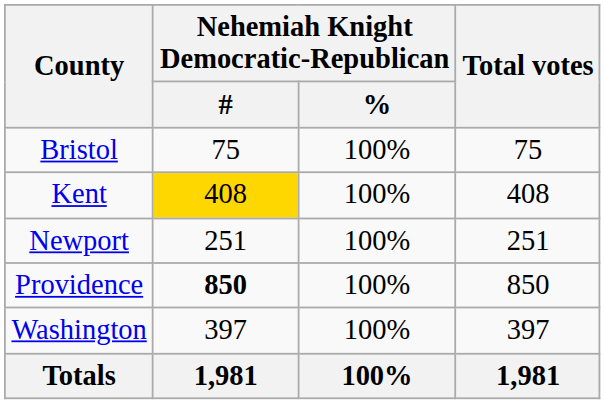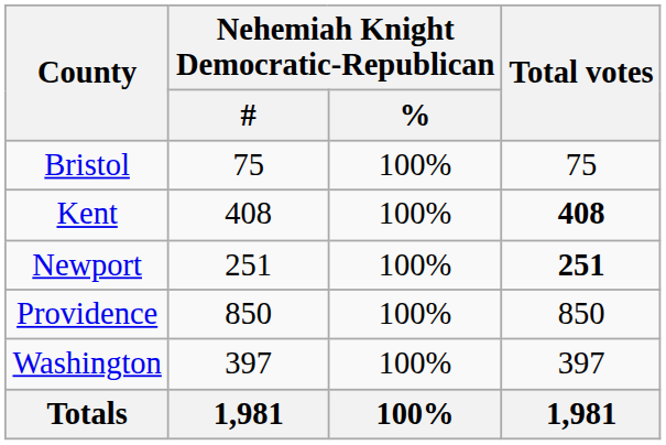 <table class="wikitable sortable">
 <tr>
 <th rowspan="2" scope="col">County</th>
 <th colspan="2" scope="col">Nehemiah Knight<br>Democratic-Republican</th>
 <th rowspan="2" scope="col">Total votes</th>
 </tr>
 <tr>
 <th>#</th>
 <th>%</th>
 </tr>
 <tr>
 <td align="center"><a href='#'>Bristol</a></td>
 <td align="center">75</td>
 <td align="center">100%</td>
 <td align="center">75</td>
 </tr>
 <tr>
 <td align="center"><a href='#'>Kent</a></td>
-<td align="center" style="background: gold;">408</td>
+<td align="center">408</td>
 <td align="center">100%</td>
-<td align="center">408</td>
+<td align="center"><strong>408</strong></td>
 </tr>
 <tr>
 <td align="center"><a href='#'>Newport</a></td>
 <td align="center">251</td>
 <td align="center">100%</td>
-<td align="center">251</td>
+<td align="center"><strong>251</strong></td>
 </tr>
 <tr>
 <td align="center"><a href='#'>Providence</a></td>
-<td align="center"><strong>850</strong></td>
+<td align="center">850</td>
 <td align="center">100%</td>
 <td align="center">850</td>
 </tr>
 <tr>
 <td align="center"><a href='#'>Washington</a></td>
 <td align="center">397</td>
 <td align="center">100%</td>
 <td align="center">397</td>
 </tr>
 <tr>
 <th>Totals</th>
 <th>1,981</th>
 <th>100%</th>
 <th>1,981</th>
 </tr>
 </table>
